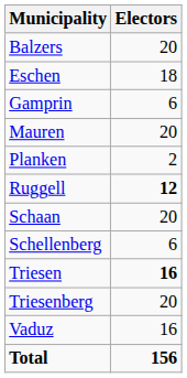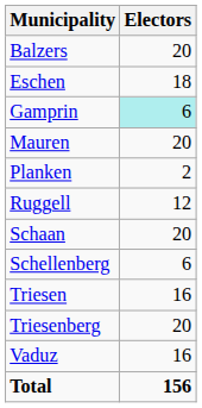 <table class="wikitable">
 <tr>
 <th>Municipality</th>
 <th>Electors</th>
 </tr>
 <tr>
 <td><a href='#'>Balzers</a></td>
 <td style="text-align: right;">20</td>
 </tr>
 <tr>
 <td><a href='#'>Eschen</a></td>
 <td style="text-align: right;">18</td>
 </tr>
 <tr>
 <td><a href='#'>Gamprin</a></td>
-<td style="text-align: right;">6</td>
+<td style="background: paleturquoise; text-align: right;">6</td>
 </tr>
 <tr>
 <td><a href='#'>Mauren</a></td>
 <td style="text-align: right;">20</td>
 </tr>
 <tr>
 <td><a href='#'>Planken</a></td>
 <td style="text-align: right;">2</td>
 </tr>
 <tr>
 <td><a href='#'>Ruggell</a></td>
-<td style="text-align: right;"><strong>12</strong></td>
+<td style="text-align: right;">12</td>
 </tr>
 <tr>
 <td><a href='#'>Schaan</a></td>
 <td style="text-align: right;">20</td>
 </tr>
 <tr>
 <td><a href='#'>Schellenberg</a></td>
 <td style="text-align: right;">6</td>
 </tr>
 <tr>
 <td><a href='#'>Triesen</a></td>
-<td style="text-align: right;"><strong>16</strong></td>
+<td style="text-align: right;">16</td>
 </tr>
 <tr>
 <td><a href='#'>Triesenberg</a></td>
 <td style="text-align: right;">20</td>
 </tr>
 <tr>
 <td><a href='#'>Vaduz</a></td>
 <td style="text-align: right;">16</td>
 </tr>
 <tr>
 <td><strong>Total</strong></td>
 <td align=right><strong>156</strong></td>
 </tr>
 </table>
